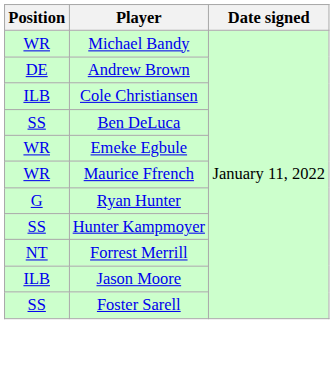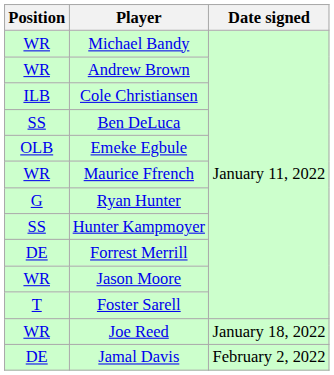 <table class="wikitable" style="text-align:center">
 <tr>
 <th>Position</th>
 <th>Player</th>
 <th>Date signed</th>
 </tr>
 <tr style="background:#cfc">
 <td><a href='#'>WR</a></td>
 <td><a href='#'>Michael Bandy</a></td>
 <td rowspan=11>January 11, 2022</td>
 </tr>
 <tr style="background:#cfc">
-<td><a href='#'>DE</a></td>
+<td><a href='#'>WR</a></td>
 <td><a href='#'>Andrew Brown</a></td>
 </tr>
 <tr style="background:#cfc">
 <td><a href='#'>ILB</a></td>
 <td><a href='#'>Cole Christiansen</a></td>
 </tr>
 <tr style="background:#cfc">
 <td><a href='#'>SS</a></td>
 <td><a href='#'>Ben DeLuca</a></td>
 </tr>
 <tr style="background:#cfc">
-<td><a href='#'>WR</a></td>
+<td><a href='#'>OLB</a></td>
 <td><a href='#'>Emeke Egbule</a></td>
 </tr>
 <tr style="background:#cfc">
 <td><a href='#'>WR</a></td>
 <td><a href='#'>Maurice Ffrench</a></td>
 </tr>
 <tr style="background:#cfc">
 <td><a href='#'>G</a></td>
 <td><a href='#'>Ryan Hunter</a></td>
 </tr>
 <tr style="background:#cfc">
 <td><a href='#'>SS</a></td>
 <td><a href='#'>Hunter Kampmoyer</a></td>
 </tr>
 <tr style="background:#cfc">
-<td><a href='#'>NT</a></td>
+<td><a href='#'>DE</a></td>
 <td><a href='#'>Forrest Merrill</a></td>
 </tr>
 <tr style="background:#cfc">
-<td><a href='#'>ILB</a></td>
+<td><a href='#'>WR</a></td>
 <td><a href='#'>Jason Moore</a></td>
 </tr>
 <tr style="background:#cfc">
-<td><a href='#'>SS</a></td>
+<td><a href='#'>T</a></td>
 <td><a href='#'>Foster Sarell</a></td>
 </tr>
+<tr style="background:#cfc">
+<td><a href='#'>WR</a></td>
+<td><a href='#'>Joe Reed</a></td>
+<td>January 18, 2022</td>
+</tr>
+<tr style="background:#cfc">
+<td><a href='#'>DE</a></td>
+<td><a href='#'>Jamal Davis</a></td>
+<td>February 2, 2022</td>
+</tr>
 </table>
